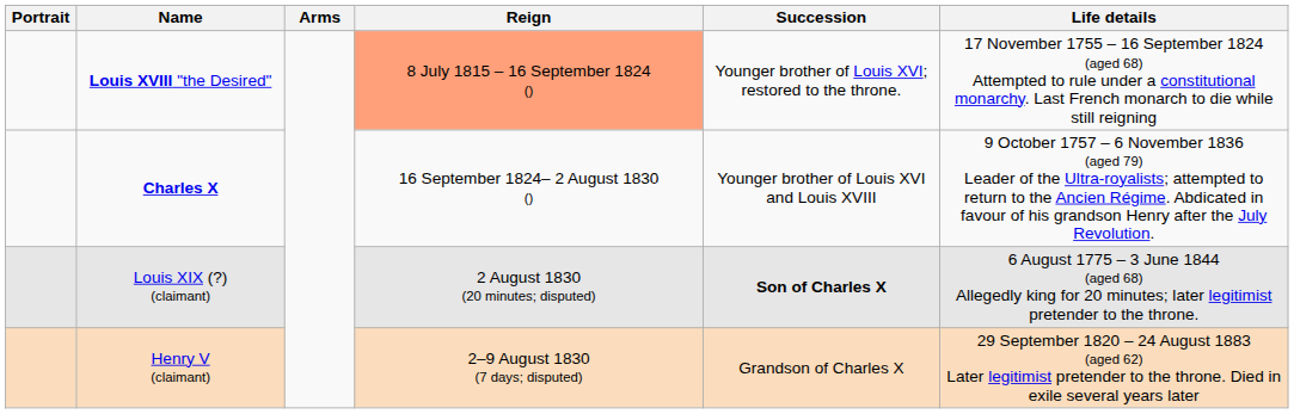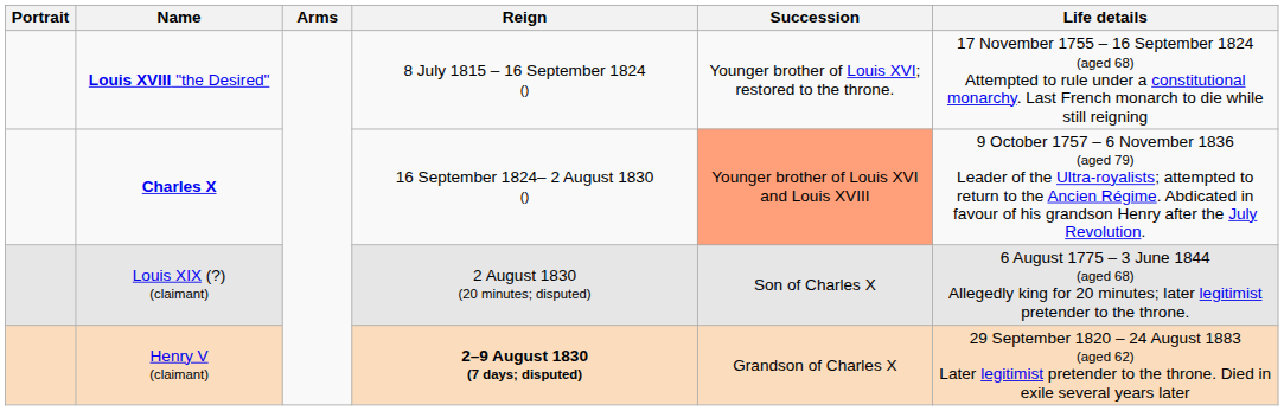 <table class="wikitable" style="text-align:center; width:100%;">
 <tr>
 <th width="5%">Portrait</th>
 <th width="15%">Name</th>
 <th width="5%">Arms</th>
 <th width="25%">Reign</th>
 <th width="17%">Succession</th>
 <th width="25%">Life details</th>
 </tr>
 <tr>
 <td></td>
 <td><a href='#'><strong>Louis XVIII</strong> "the Desired"</a></td>
 <td rowspan="4"></td>
-<td style="background: lightsalmon;">8 July 1815 – 16 September 1824<br><small>()</small></td>
+<td>8 July 1815 – 16 September 1824<br><small>()</small></td>
 <td>Younger brother of <a href='#'>Louis XVI</a>; restored to the throne.</td>
 <td>17 November 1755 – 16 September 1824<br><small>(aged 68)</small><br>Attempted to rule under a <a href='#'>constitutional monarchy</a>. Last French monarch to die while still reigning</td>
 </tr>
 <tr>
 <td></td>
 <td><strong><a href='#'>Charles X</a></strong></td>
 <td>16 September 1824– 2 August 1830<br><small>()</small></td>
-<td>Younger brother of Louis XVI and Louis XVIII</td>
+<td style="background: lightsalmon;">Younger brother of Louis XVI and Louis XVIII</td>
 <td>9 October 1757 – 6 November 1836<br><small>(aged 79)</small><br>Leader of the <a href='#'>Ultra-royalists</a>; attempted to return to the <a href='#'>Ancien Régime</a>. Abdicated in favour of his grandson Henry after the <a href='#'>July Revolution</a>.</td>
 </tr>
 <tr>
 <td bgcolor="#E6E6E6"></td>
 <td bgcolor="#E6E6E6"><a href='#'>Louis XIX</a> (?)<br><small>(claimant)</small></td>
 <td bgcolor="#E6E6E6">2 August 1830<br><small>(20 minutes; disputed)</small></td>
-<td bgcolor="#E6E6E6"><strong>Son of Charles X</strong></td>
+<td bgcolor="#E6E6E6">Son of Charles X</td>
 <td bgcolor="#E6E6E6">6 August 1775 – 3 June 1844<br><small>(aged 68)</small><br>Allegedly king for 20 minutes; later <a href='#'>legitimist</a> pretender to the throne.</td>
 </tr>
 <tr>
 <td bgcolor="#FBDDBD"></td>
 <td bgcolor="#FBDDBD"><a href='#'>Henry V</a><br><small>(claimant)</small></td>
-<td bgcolor="#FBDDBD">2–9 August 1830<br><small>(7 days; disputed)</small></td>
+<td bgcolor="#FBDDBD"><strong>2–9 August 1830<br><small>(7 days; disputed)</small></strong></td>
 <td bgcolor="#FBDDBD">Grandson of Charles X</td>
 <td bgcolor="#FBDDBD">29 September 1820 – 24 August 1883<br><small>(aged 62)</small><br>Later <a href='#'>legitimist</a> pretender to the throne. Died in exile several years later</td>
 </tr>
 </table>
